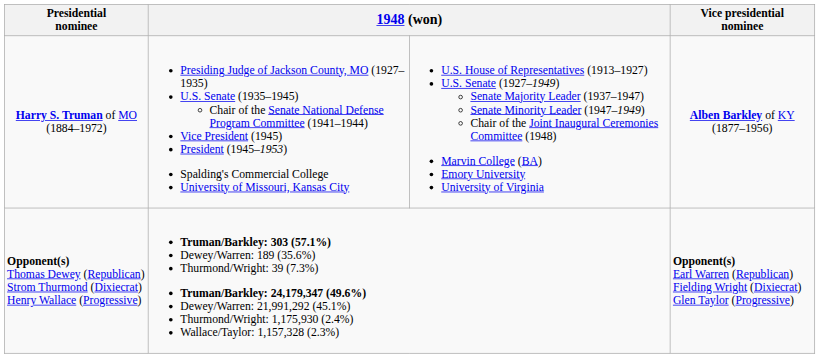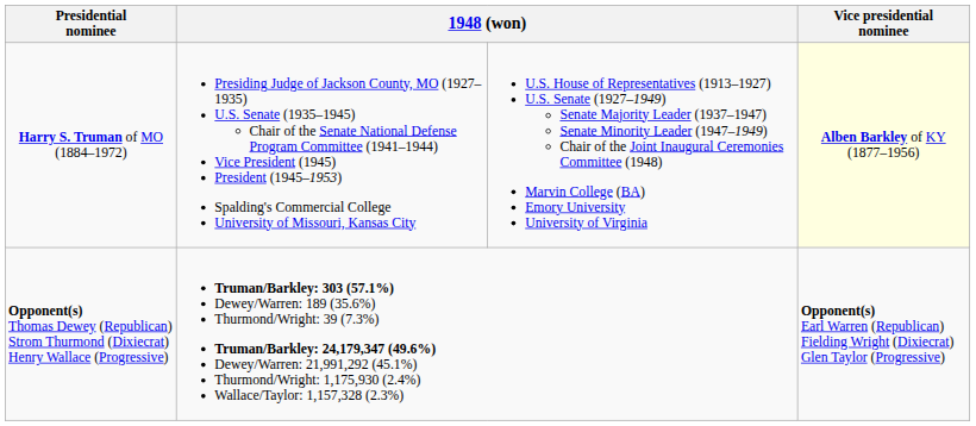 <table class="wikitable">
 <tr>
 <th width=190>Presidential<br>nominee</th>
 <th colspan=2><big><a href='#'>1948</a> (won)</big></th>
 <th width=190>Vice presidential<br>nominee</th>
 </tr>
 <tr>
 <td style="text-align:center;"><strong><a href='#'>Harry S. Truman</a></strong> of <a href='#'>MO</a><br>(1884–1972)<br></td>
 <td width=350><br><ul><li><a href='#'>Presiding Judge of Jackson County, MO</a> (1927–1935)</li><li><a href='#'>U.S. Senate</a> (1935–1945)<ul><li>Chair of the <a href='#'>Senate National Defense Program Committee</a> (1941–1944)</li></ul></li><li><a href='#'>Vice President</a> (1945)</li><li><a href='#'>President</a> (1945–<em>1953</em>)</li></ul><ul><li>Spalding's Commercial College</li><li><a href='#'>University of Missouri, Kansas City</a></li></ul></td>
 <td width=350><br><ul><li><a href='#'>U.S. House of Representatives</a> (1913–1927)</li><li><a href='#'>U.S. Senate</a> (1927–<em>1949</em>)<ul><li><a href='#'>Senate Majority Leader</a> (1937–1947)</li><li><a href='#'>Senate Minority Leader</a> (1947–<em>1949</em>)</li><li>Chair of the <a href='#'>Joint Inaugural Ceremonies Committee</a> (1948)</li></ul></li></ul><ul><li><a href='#'>Marvin College</a> (<a href='#'>BA</a>)</li><li><a href='#'>Emory University</a></li><li><a href='#'>University of Virginia</a></li></ul></td>
-<td style="text-align:center;"><strong><a href='#'>Alben Barkley</a></strong> of <a href='#'>KY</a><br>(1877–1956)<br></td>
+<td style="background: lightyellow; text-align:center;"><strong><a href='#'>Alben Barkley</a></strong> of <a href='#'>KY</a><br>(1877–1956)<br></td>
 </tr>
 <tr>
 <td><strong>Opponent(s)</strong><br><a href='#'>Thomas Dewey</a> (<a href='#'>Republican</a>)<br><a href='#'>Strom Thurmond</a> (<a href='#'>Dixiecrat</a>)<br><a href='#'>Henry Wallace</a> (<a href='#'>Progressive</a>)</td>
 <td colspan=2><br><ul><li><strong>Truman/Barkley: 303 (57.1%)</strong></li><li>Dewey/Warren: 189 (35.6%)</li><li>Thurmond/Wright: 39 (7.3%)</li></ul><ul><li><strong>Truman/Barkley: 24,179,347 (49.6%)</strong></li><li>Dewey/Warren: 21,991,292 (45.1%)</li><li>Thurmond/Wright: 1,175,930 (2.4%)</li><li>Wallace/Taylor: 1,157,328 (2.3%)</li></ul></td>
 <td><strong>Opponent(s)</strong><br><a href='#'>Earl Warren</a> (<a href='#'>Republican</a>)<br><a href='#'>Fielding Wright</a> (<a href='#'>Dixiecrat</a>)<br><a href='#'>Glen Taylor</a> (<a href='#'>Progressive</a>)</td>
 </tr>
 </table>
